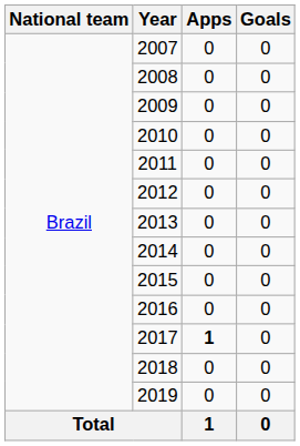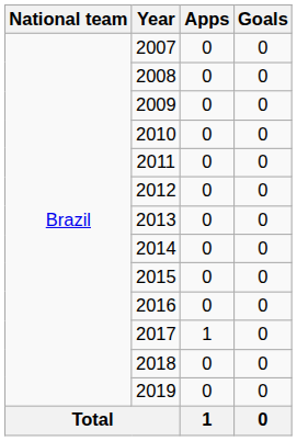 <table class="wikitable" style="text-align:center">
 <tr>
 <th>National team</th>
 <th>Year</th>
 <th>Apps</th>
 <th>Goals</th>
 </tr>
 <tr>
 <td rowspan="13"><a href='#'>Brazil</a></td>
 <td>2007</td>
 <td>0</td>
 <td>0</td>
 </tr>
 <tr>
 <td>2008</td>
 <td>0</td>
 <td>0</td>
 </tr>
 <tr>
 <td>2009</td>
 <td>0</td>
 <td>0</td>
 </tr>
 <tr>
 <td>2010</td>
 <td>0</td>
 <td>0</td>
 </tr>
 <tr>
 <td>2011</td>
 <td>0</td>
 <td>0</td>
 </tr>
 <tr>
 <td>2012</td>
 <td>0</td>
 <td>0</td>
 </tr>
 <tr>
 <td>2013</td>
 <td>0</td>
 <td>0</td>
 </tr>
 <tr>
 <td>2014</td>
 <td>0</td>
 <td>0</td>
 </tr>
 <tr>
 <td>2015</td>
 <td>0</td>
 <td>0</td>
 </tr>
 <tr>
 <td>2016</td>
 <td>0</td>
 <td>0</td>
 </tr>
 <tr>
 <td>2017</td>
-<td><strong>1</strong></td>
+<td>1</td>
 <td>0</td>
 </tr>
 <tr>
 <td>2018</td>
 <td>0</td>
 <td>0</td>
 </tr>
 <tr>
 <td>2019</td>
 <td>0</td>
 <td>0</td>
 </tr>
 <tr>
 <th colspan="2">Total</th>
 <th>1</th>
 <th>0</th>
 </tr>
 </table>
